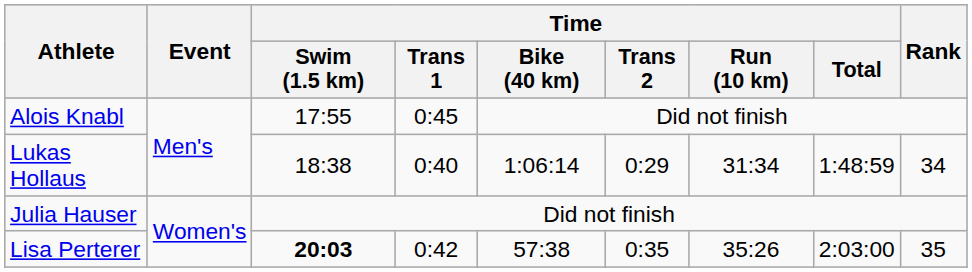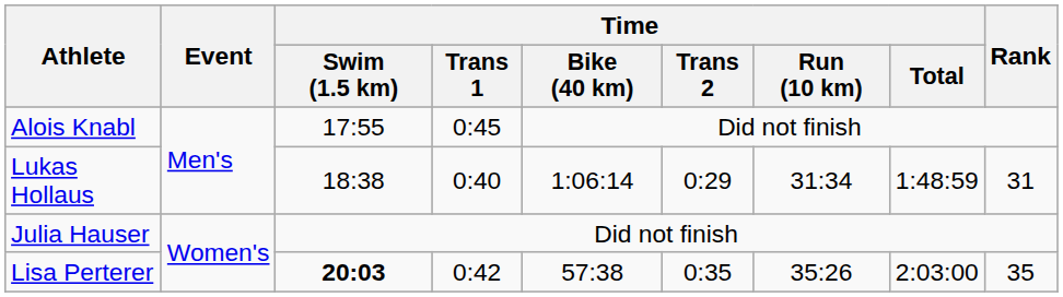 <table class="wikitable" style="font-size:90%">
 <tr>
 <th rowspan=2>Athlete</th>
 <th rowspan=2>Event</th>
 <th colspan=6>Time</th>
 <th rowspan=2>Rank</th>
 </tr>
 <tr style="font-size:95%">
 <th>Swim (1.5 km)</th>
 <th>Trans 1</th>
 <th>Bike (40 km)</th>
 <th>Trans 2</th>
 <th>Run (10 km)</th>
 <th>Total</th>
 </tr>
 <tr align=center>
 <td align=left><a href='#'>Alois Knabl</a></td>
 <td align=left rowspan="2"><a href='#'>Men's</a></td>
 <td>17:55</td>
 <td>0:45</td>
 <td colspan=5>Did not finish</td>
 </tr>
 <tr align=center>
 <td align=left><a href='#'>Lukas Hollaus</a></td>
 <td>18:38</td>
 <td>0:40</td>
 <td>1:06:14</td>
 <td>0:29</td>
 <td>31:34</td>
 <td>1:48:59</td>
-<td>34</td>
+<td>31</td>
 </tr>
 <tr align=center>
 <td align=left><a href='#'>Julia Hauser</a></td>
 <td align=left rowspan=2><a href='#'>Women's</a></td>
 <td colspan="7">Did not finish</td>
 </tr>
 <tr align=center>
 <td align=left><a href='#'>Lisa Perterer</a></td>
 <td><strong>20:03</strong></td>
 <td>0:42</td>
 <td>57:38</td>
 <td>0:35</td>
 <td>35:26</td>
 <td>2:03:00</td>
 <td>35</td>
 </tr>
 </table>
